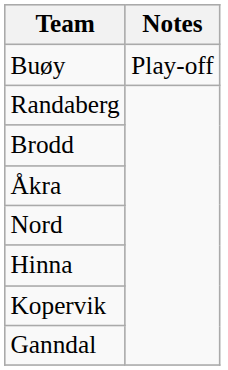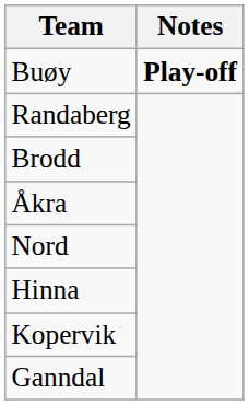 <table class="wikitable">
 <tr>
 <th>Team</th>
 <th>Notes</th>
 </tr>
 <tr>
 <td>Buøy</td>
-<td>Play-off</td>
+<td><strong>Play-off</strong></td>
 </tr>
 <tr>
 <td>Randaberg</td>
 </tr>
 <tr>
 <td>Brodd</td>
 </tr>
 <tr>
 <td>Åkra</td>
 </tr>
 <tr>
 <td>Nord</td>
 </tr>
 <tr>
 <td>Hinna</td>
 </tr>
 <tr>
 <td>Kopervik</td>
 </tr>
 <tr>
 <td>Ganndal</td>
 </tr>
 </table>
